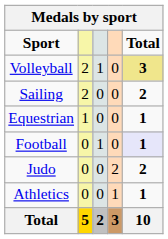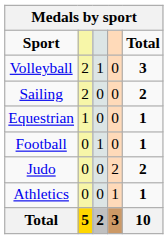 <table class="wikitable" style="font-size:85%; float:right">
 <tr style="background:#efefef;">
 <th colspan=5>Medals by sport</th>
 </tr>
 <tr align=center>
 <td><strong>Sport</strong></td>
 <td bgcolor=#f7f6a8></td>
 <td bgcolor=#dce5e5></td>
 <td bgcolor=#ffdab9></td>
 <td><strong>Total</strong></td>
 </tr>
 <tr align=center>
 <td><a href='#'>Volleyball</a></td>
 <td style="background:#F7F6A8;">2</td>
 <td style="background:#DCE5E5;">1</td>
 <td style="background:#FFDAB9;">0</td>
-<td style="background: khaki;"><strong>3</strong></td>
+<td><strong>3</strong></td>
 </tr>
 <tr align=center>
 <td><a href='#'>Sailing</a></td>
 <td style="background:#F7F6A8;">2</td>
 <td style="background:#DCE5E5;">0</td>
 <td style="background:#FFDAB9;">0</td>
 <td><strong>2</strong></td>
 </tr>
 <tr align=center>
 <td><a href='#'>Equestrian</a></td>
 <td style="background:#F7F6A8;">1</td>
 <td style="background:#DCE5E5;">0</td>
 <td style="background:#FFDAB9;">0</td>
 <td><strong>1</strong></td>
 </tr>
 <tr align=center>
 <td><a href='#'>Football</a></td>
 <td style="background:#F7F6A8;">0</td>
 <td style="background:#DCE5E5;">1</td>
 <td style="background:#FFDAB9;">0</td>
-<td style="background: lavender;"><strong>1</strong></td>
+<td><strong>1</strong></td>
 </tr>
 <tr align=center>
 <td><a href='#'>Judo</a></td>
 <td style="background:#F7F6A8;">0</td>
 <td style="background:#DCE5E5;">0</td>
 <td style="background:#FFDAB9;">2</td>
 <td><strong>2</strong></td>
 </tr>
 <tr align=center>
 <td><a href='#'>Athletics</a></td>
 <td style="background:#F7F6A8;">0</td>
 <td style="background:#DCE5E5;">0</td>
 <td style="background:#FFDAB9;">1</td>
 <td><strong>1</strong></td>
 </tr>
 <tr align=center>
 <th>Total</th>
 <th style="background:gold;">5</th>
 <th style="background:silver;">2</th>
 <th style="background:#c96;">3</th>
 <th>10</th>
 </tr>
 </table>
